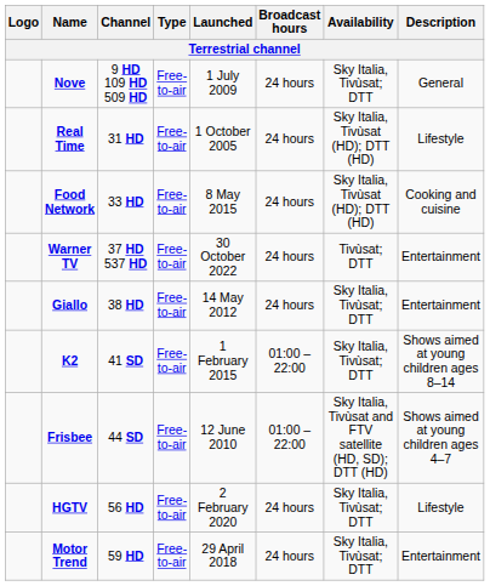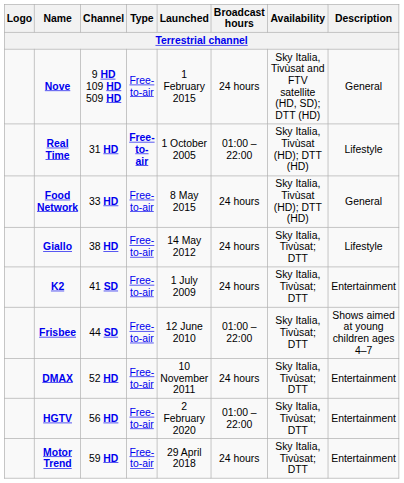 <table class="wikitable" style="text-align:center">
 <tr>
 <th>Logo</th>
 <th>Name</th>
 <th>Channel</th>
 <th>Type</th>
 <th>Launched</th>
 <th>Broadcast hours</th>
 <th>Availability</th>
 <th>Description</th>
 </tr>
 <tr>
 <th colspan="8"><a href='#'>Terrestrial channel</a></th>
 </tr>
 <tr>
 <td></td>
 <td><strong><a href='#'>Nove</a></strong></td>
 <td>9 <strong><a href='#'>HD</a></strong><br>109 <strong><a href='#'>HD</a></strong> 509 <strong><a href='#'>HD</a></strong></td>
 <td><a href='#'>Free-to-air</a></td>
-<td>1 July 2009</td>
+<td>1 February 2015</td>
 <td>24 hours</td>
-<td>Sky Italia, Tivùsat; DTT</td>
+<td>Sky Italia, Tivùsat and FTV satellite (HD, SD); DTT (HD)</td>
 <td>General</td>
 </tr>
 <tr>
 <td></td>
 <td><strong><a href='#'>Real Time</a></strong></td>
 <td>31 <strong><a href='#'>HD</a></strong></td>
-<td><a href='#'>Free-to-air</a></td>
+<td><strong><a href='#'>Free-to-air</a></strong></td>
 <td>1 October 2005</td>
-<td>24 hours</td>
+<td>01:00 – 22:00</td>
 <td>Sky Italia, Tivùsat (HD); DTT (HD)</td>
 <td>Lifestyle</td>
 </tr>
 <tr>
 <td></td>
 <td><strong><a href='#'>Food Network</a></strong></td>
 <td>33 <strong><a href='#'>HD</a></strong></td>
 <td><a href='#'>Free-to-air</a></td>
 <td>8 May 2015</td>
 <td>24 hours</td>
 <td>Sky Italia, Tivùsat (HD); DTT (HD)</td>
-<td>Cooking and cuisine</td>
-</tr>
-<tr>
-<td></td>
-<td><strong><a href='#'>Warner TV</a></strong></td>
-<td>37 <strong><a href='#'>HD</a></strong><br>537 <strong><a href='#'>HD</a></strong></td>
-<td><a href='#'>Free-to-air</a></td>
-<td>30 October 2022</td>
-<td>24 hours</td>
-<td>Tivùsat; DTT</td>
-<td>Entertainment</td>
+<td>General</td>
 </tr>
 <tr>
 <td></td>
 <td><strong><a href='#'>Giallo</a></strong></td>
 <td>38 <strong><a href='#'>HD</a></strong></td>
 <td><a href='#'>Free-to-air</a></td>
 <td>14 May 2012</td>
 <td>24 hours</td>
 <td>Sky Italia, Tivùsat; DTT</td>
-<td>Entertainment</td>
+<td>Lifestyle</td>
 </tr>
 <tr>
 <td></td>
 <td><strong><a href='#'>K2</a></strong></td>
 <td>41 <strong><a href='#'>SD</a></strong></td>
 <td><a href='#'>Free-to-air</a></td>
-<td>1 February 2015</td>
-<td>01:00 – 22:00</td>
+<td>1 July 2009</td>
+<td>24 hours</td>
 <td>Sky Italia, Tivùsat; DTT</td>
-<td>Shows aimed at young children ages 8–14</td>
+<td>Entertainment</td>
 </tr>
 <tr>
 <td></td>
 <td><strong><a href='#'>Frisbee</a></strong></td>
 <td>44 <strong><a href='#'>SD</a></strong></td>
 <td><a href='#'>Free-to-air</a></td>
 <td>12 June 2010</td>
 <td>01:00 – 22:00</td>
-<td>Sky Italia, Tivùsat and FTV satellite (HD, SD); DTT (HD)</td>
+<td>Sky Italia, Tivùsat; DTT</td>
 <td>Shows aimed at young children ages 4–7</td>
+</tr>
+<tr>
+<td></td>
+<td><strong><a href='#'>DMAX</a></strong></td>
+<td>52 <strong><a href='#'>HD</a></strong></td>
+<td><a href='#'>Free-to-air</a></td>
+<td>10 November 2011</td>
+<td>24 hours</td>
+<td>Sky Italia, Tivùsat; DTT</td>
+<td>Entertainment</td>
 </tr>
 <tr>
 <td></td>
 <td><strong><a href='#'>HGTV</a></strong></td>
 <td>56 <strong><a href='#'>HD</a></strong></td>
 <td><a href='#'>Free-to-air</a></td>
 <td>2 February 2020</td>
-<td>24 hours</td>
+<td>01:00 – 22:00</td>
 <td>Sky Italia, Tivùsat; DTT</td>
-<td>Lifestyle</td>
+<td>Entertainment</td>
 </tr>
 <tr>
 <td></td>
 <td><strong><a href='#'>Motor Trend</a></strong></td>
 <td>59 <strong><a href='#'>HD</a></strong></td>
 <td><a href='#'>Free-to-air</a></td>
 <td>29 April 2018</td>
 <td>24 hours</td>
 <td>Sky Italia, Tivùsat; DTT</td>
 <td>Entertainment</td>
 </tr>
 </table>
